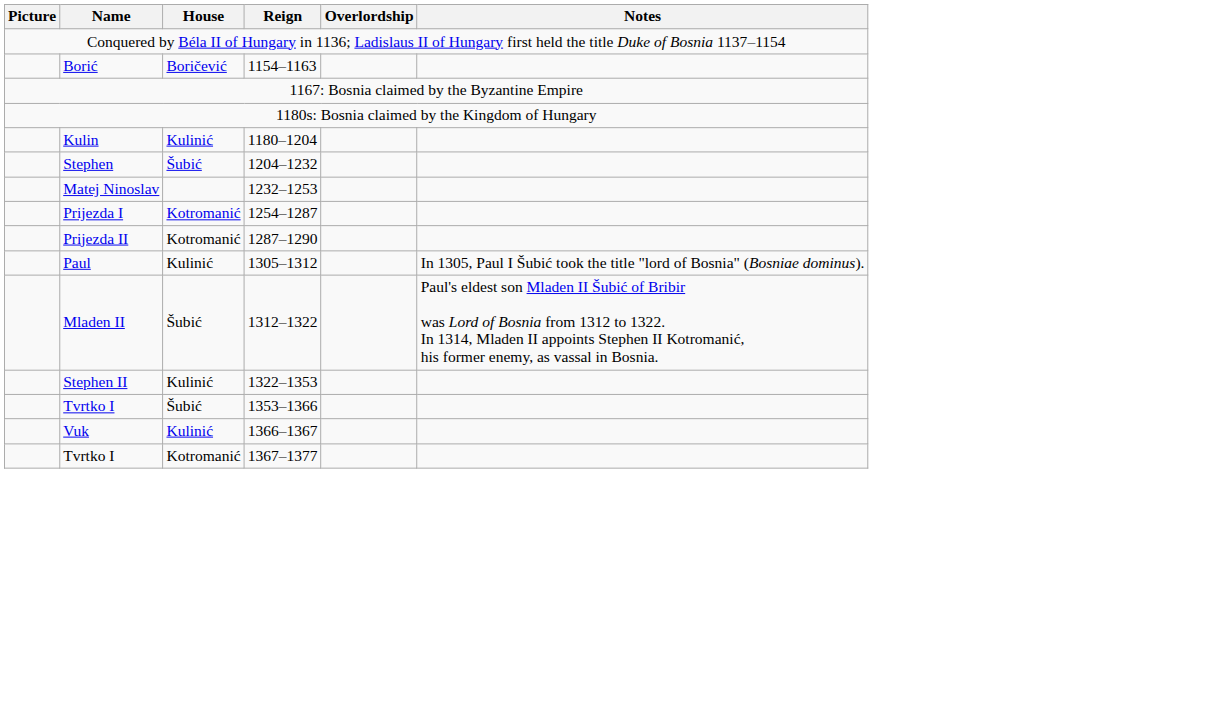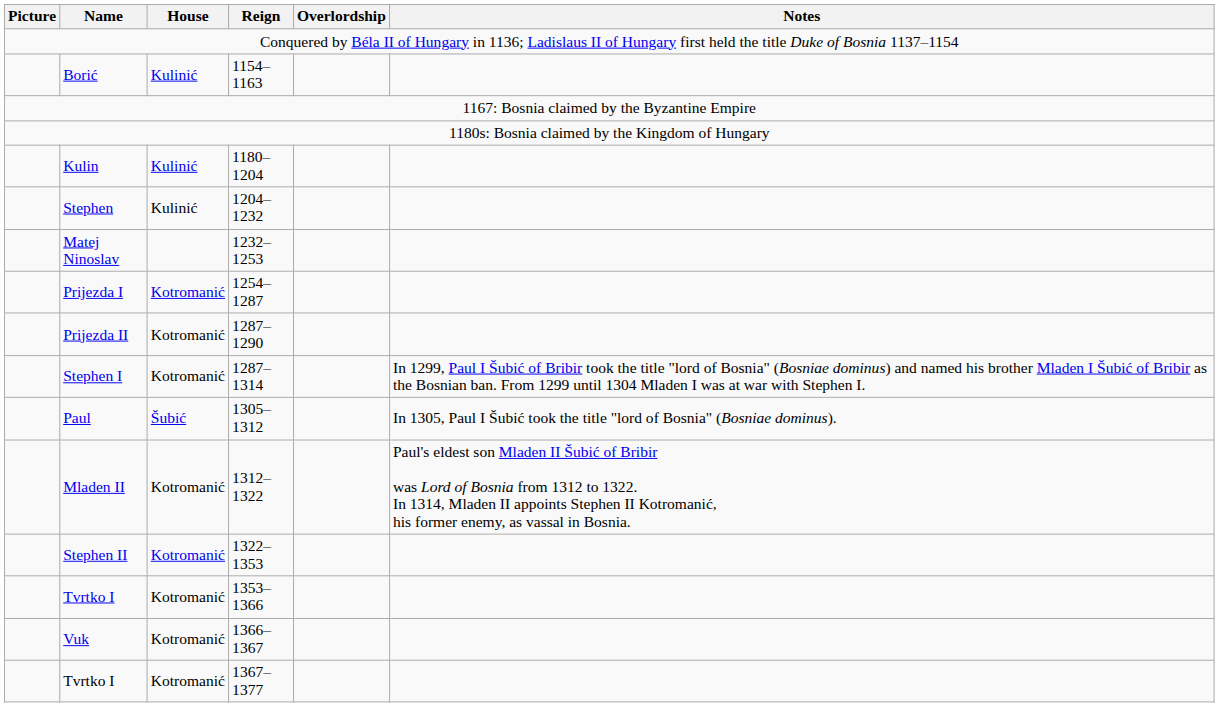 <table class="wikitable sticky-header">
 <tr>
 <th>Picture</th>
 <th>Name</th>
 <th>House</th>
 <th>Reign</th>
 <th>Overlordship</th>
 <th>Notes</th>
 </tr>
 <tr>
 <td colspan="6" align=center>Conquered by <a href='#'>Béla II of Hungary</a> in 1136; <a href='#'>Ladislaus II of Hungary</a> first held the title <em>Duke of Bosnia</em> 1137–1154</td>
 </tr>
 <tr>
 <td></td>
 <td><a href='#'>Borić</a></td>
-<td><a href='#'>Boričević</a></td>
+<td><a href='#'>Kulinić</a></td>
 <td>1154–1163</td>
 <td></td>
 <td></td>
 </tr>
 <tr>
 <td colspan="6" align=center>1167: Bosnia claimed by the Byzantine Empire</td>
 </tr>
 <tr>
 <td colspan="6" align=center>1180s: Bosnia claimed by the Kingdom of Hungary</td>
 </tr>
 <tr>
 <td></td>
 <td><a href='#'>Kulin</a></td>
 <td><a href='#'>Kulinić</a></td>
 <td>1180–1204</td>
 <td></td>
 <td></td>
 </tr>
 <tr>
 <td></td>
 <td><a href='#'>Stephen</a></td>
-<td><a href='#'>Šubić</a></td>
+<td>Kulinić</td>
 <td>1204–1232</td>
 <td></td>
 <td></td>
 </tr>
 <tr>
 <td></td>
 <td><a href='#'>Matej Ninoslav</a></td>
 <td></td>
 <td>1232–1253</td>
 <td></td>
 <td></td>
 </tr>
 <tr>
 <td></td>
 <td><a href='#'>Prijezda I</a></td>
 <td><a href='#'>Kotromanić</a></td>
 <td>1254–1287</td>
 <td></td>
 <td></td>
 </tr>
 <tr>
 <td></td>
 <td><a href='#'>Prijezda II</a></td>
 <td>Kotromanić</td>
 <td>1287–1290</td>
 <td></td>
 <td></td>
 </tr>
 <tr>
 <td></td>
+<td><a href='#'>Stephen I</a></td>
+<td>Kotromanić</td>
+<td>1287–1314</td>
+<td></td>
+<td>In 1299, <a href='#'>Paul I Šubić of Bribir</a> took the title "lord of Bosnia" (<em>Bosniae dominus</em>) and named his brother <a href='#'>Mladen I Šubić of Bribir</a> as the Bosnian ban. From 1299 until 1304 Mladen I was at war with Stephen I.</td>
+</tr>
+<tr>
+<td></td>
 <td><a href='#'>Paul</a></td>
-<td>Kulinić</td>
+<td><a href='#'>Šubić</a></td>
 <td>1305–1312</td>
 <td></td>
 <td>In 1305, Paul I Šubić took the title "lord of Bosnia" (<em>Bosniae dominus</em>).</td>
 </tr>
 <tr>
 <td></td>
 <td><a href='#'>Mladen II</a></td>
-<td>Šubić</td>
+<td>Kotromanić</td>
 <td>1312–1322</td>
 <td></td>
 <td>Paul's eldest son <a href='#'>Mladen II Šubić of Bribir</a><br><br>was <em>Lord of Bosnia</em> from 1312 to 1322.<br> In 1314, Mladen II appoints Stephen II Kotromanić,<br> his former enemy, as vassal in Bosnia.</td>
 </tr>
 <tr>
 <td></td>
 <td><a href='#'>Stephen II</a></td>
-<td>Kulinić</td>
+<td><a href='#'>Kotromanić</a></td>
 <td>1322–1353</td>
 <td></td>
 <td></td>
 </tr>
 <tr>
 <td></td>
 <td><a href='#'>Tvrtko I</a></td>
-<td>Šubić</td>
+<td>Kotromanić</td>
 <td>1353–1366</td>
 <td></td>
 <td></td>
 </tr>
 <tr>
 <td></td>
 <td><a href='#'>Vuk</a></td>
-<td><a href='#'>Kulinić</a></td>
+<td>Kotromanić</td>
 <td>1366–1367</td>
 <td></td>
 <td></td>
 </tr>
 <tr>
 <td></td>
 <td>Tvrtko I</td>
 <td>Kotromanić</td>
 <td>1367–1377</td>
 <td></td>
 <td></td>
 </tr>
 </table>
